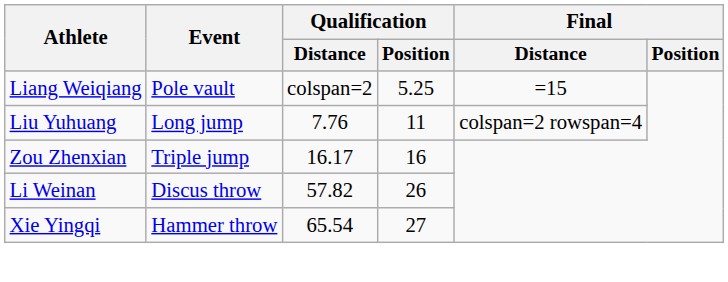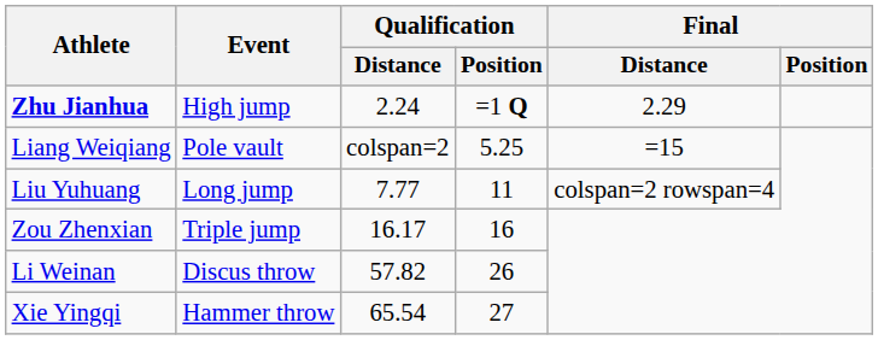 <table class=wikitable style=font-size:90%>
 <tr>
 <th rowspan=2>Athlete</th>
 <th rowspan=2>Event</th>
 <th colspan=2>Qualification</th>
 <th colspan=2>Final</th>
 </tr>
 <tr style=font-size:95%>
 <th>Distance</th>
 <th>Position</th>
 <th>Distance</th>
 <th>Position</th>
 </tr>
 <tr align=center>
+<td align=left><strong><a href='#'>Zhu Jianhua</a></strong></td>
+<td align=left><a href='#'>High jump</a></td>
+<td>2.24</td>
+<td>=1 <strong>Q</strong></td>
+<td>2.29</td>
+<td></td>
+</tr>
+<tr align=center>
 <td align=left><a href='#'>Liang Weiqiang</a></td>
 <td align=left><a href='#'>Pole vault</a></td>
 <td>colspan=2 </td>
 <td>5.25</td>
 <td>=15</td>
 </tr>
 <tr align=center>
 <td align=left><a href='#'>Liu Yuhuang</a></td>
 <td align=left><a href='#'>Long jump</a></td>
-<td>7.76</td>
+<td>7.77</td>
 <td>11</td>
 <td>colspan=2 rowspan=4 </td>
 </tr>
 <tr align=center>
 <td align=left><a href='#'>Zou Zhenxian</a></td>
 <td align=left><a href='#'>Triple jump</a></td>
 <td>16.17</td>
 <td>16</td>
 </tr>
 <tr align=center>
 <td align=left><a href='#'>Li Weinan</a></td>
 <td align=left><a href='#'>Discus throw</a></td>
 <td>57.82</td>
 <td>26</td>
 </tr>
 <tr align=center>
 <td align=left><a href='#'>Xie Yingqi</a></td>
 <td align=left><a href='#'>Hammer throw</a></td>
 <td>65.54</td>
 <td>27</td>
 </tr>
 </table>
